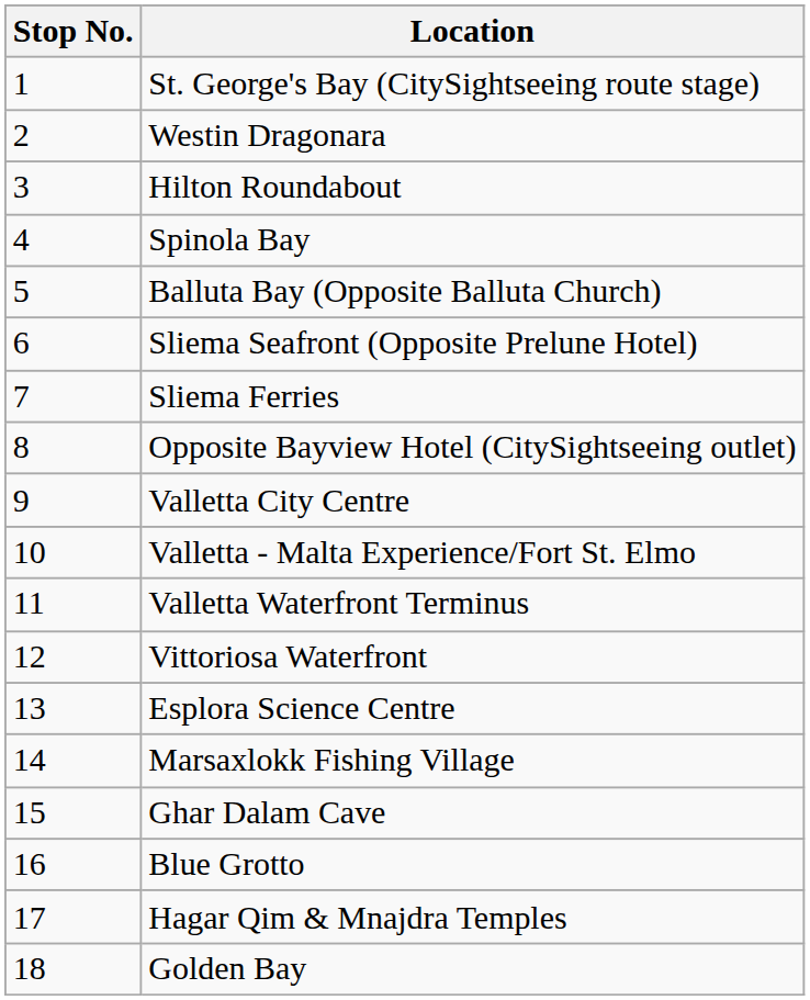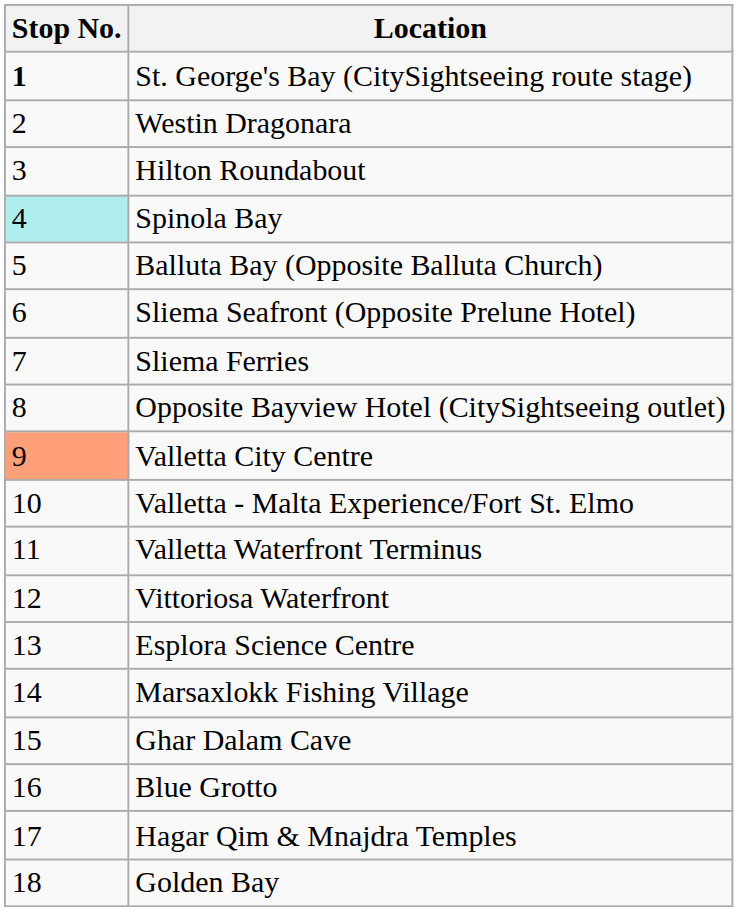 <table class="wikitable sortable">
 <tr>
 <th>Stop No.</th>
 <th>Location</th>
 </tr>
 <tr>
-<td>1</td>
+<td><strong>1</strong></td>
 <td>St. George's Bay (CitySightseeing route stage)</td>
 </tr>
 <tr>
 <td>2</td>
 <td>Westin Dragonara</td>
 </tr>
 <tr>
 <td>3</td>
 <td>Hilton Roundabout</td>
 </tr>
 <tr>
-<td>4</td>
+<td style="background: paleturquoise;">4</td>
 <td>Spinola Bay</td>
 </tr>
 <tr>
 <td>5</td>
 <td>Balluta Bay (Opposite Balluta Church)</td>
 </tr>
 <tr>
 <td>6</td>
 <td>Sliema Seafront (Opposite Prelune Hotel)</td>
 </tr>
 <tr>
 <td>7</td>
 <td>Sliema Ferries</td>
 </tr>
 <tr>
 <td>8</td>
 <td>Opposite Bayview Hotel (CitySightseeing outlet)</td>
 </tr>
 <tr>
-<td>9</td>
+<td style="background: lightsalmon;">9</td>
 <td>Valletta City Centre</td>
 </tr>
 <tr>
 <td>10</td>
 <td>Valletta - Malta Experience/Fort St. Elmo</td>
 </tr>
 <tr>
 <td>11</td>
 <td>Valletta Waterfront Terminus</td>
 </tr>
 <tr>
 <td>12</td>
 <td>Vittoriosa Waterfront</td>
 </tr>
 <tr>
 <td>13</td>
 <td>Esplora Science Centre</td>
 </tr>
 <tr>
 <td>14</td>
 <td>Marsaxlokk Fishing Village</td>
 </tr>
 <tr>
 <td>15</td>
 <td>Ghar Dalam Cave</td>
 </tr>
 <tr>
 <td>16</td>
 <td>Blue Grotto</td>
 </tr>
 <tr>
 <td>17</td>
 <td>Hagar Qim & Mnajdra Temples</td>
 </tr>
 <tr>
 <td>18</td>
 <td>Golden Bay</td>
 </tr>
 </table>
